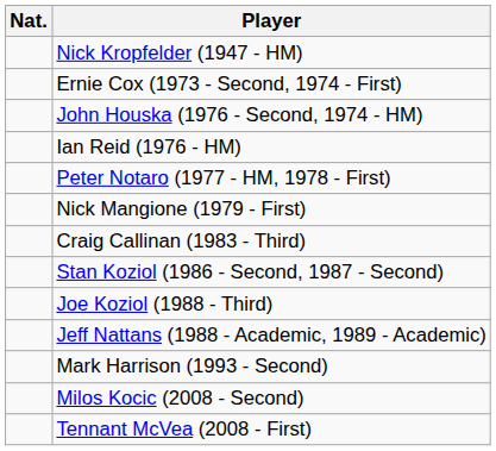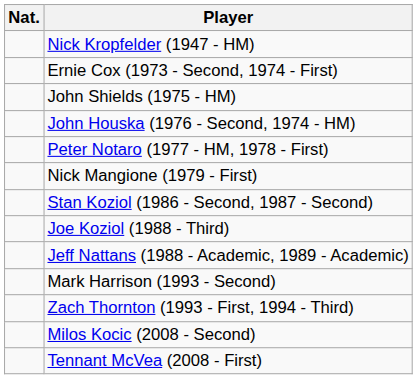 <table class= "wikitable">
 <tr>
 <th width=px>Nat.</th>
 <th width=px>Player</th>
 </tr>
 <tr>
 <td></td>
 <td><a href='#'>Nick Kropfelder</a> (1947 - HM)</td>
 </tr>
 <tr>
 <td></td>
 <td>Ernie Cox (1973 - Second, 1974 - First)</td>
 </tr>
 <tr>
 <td></td>
-<td><a href='#'>John Houska</a> (1976 - Second, 1974 - HM)</td>
+<td>John Shields (1975 - HM)</td>
 </tr>
 <tr>
 <td></td>
-<td>Ian Reid (1976 - HM)</td>
+<td><a href='#'>John Houska</a> (1976 - Second, 1974 - HM)</td>
 </tr>
 <tr>
 <td></td>
 <td><a href='#'>Peter Notaro</a> (1977 - HM, 1978 - First)</td>
 </tr>
 <tr>
 <td></td>
 <td>Nick Mangione (1979 - First)</td>
-</tr>
-<tr>
-<td></td>
-<td>Craig Callinan (1983 - Third)</td>
 </tr>
 <tr>
 <td></td>
 <td><a href='#'>Stan Koziol</a> (1986 - Second, 1987 - Second)</td>
 </tr>
 <tr>
 <td></td>
 <td><a href='#'>Joe Koziol</a> (1988 - Third)</td>
 </tr>
 <tr>
 <td></td>
 <td><a href='#'>Jeff Nattans</a> (1988 - Academic, 1989 - Academic)</td>
 </tr>
 <tr>
 <td></td>
 <td>Mark Harrison (1993 - Second)</td>
 </tr>
 <tr>
 <td></td>
+<td><a href='#'>Zach Thornton</a> (1993 - First, 1994 - Third)</td>
+</tr>
+<tr>
+<td></td>
 <td><a href='#'>Milos Kocic</a> (2008 - Second)</td>
 </tr>
 <tr>
 <td></td>
 <td><a href='#'>Tennant McVea</a> (2008 - First)</td>
 </tr>
 </table>
